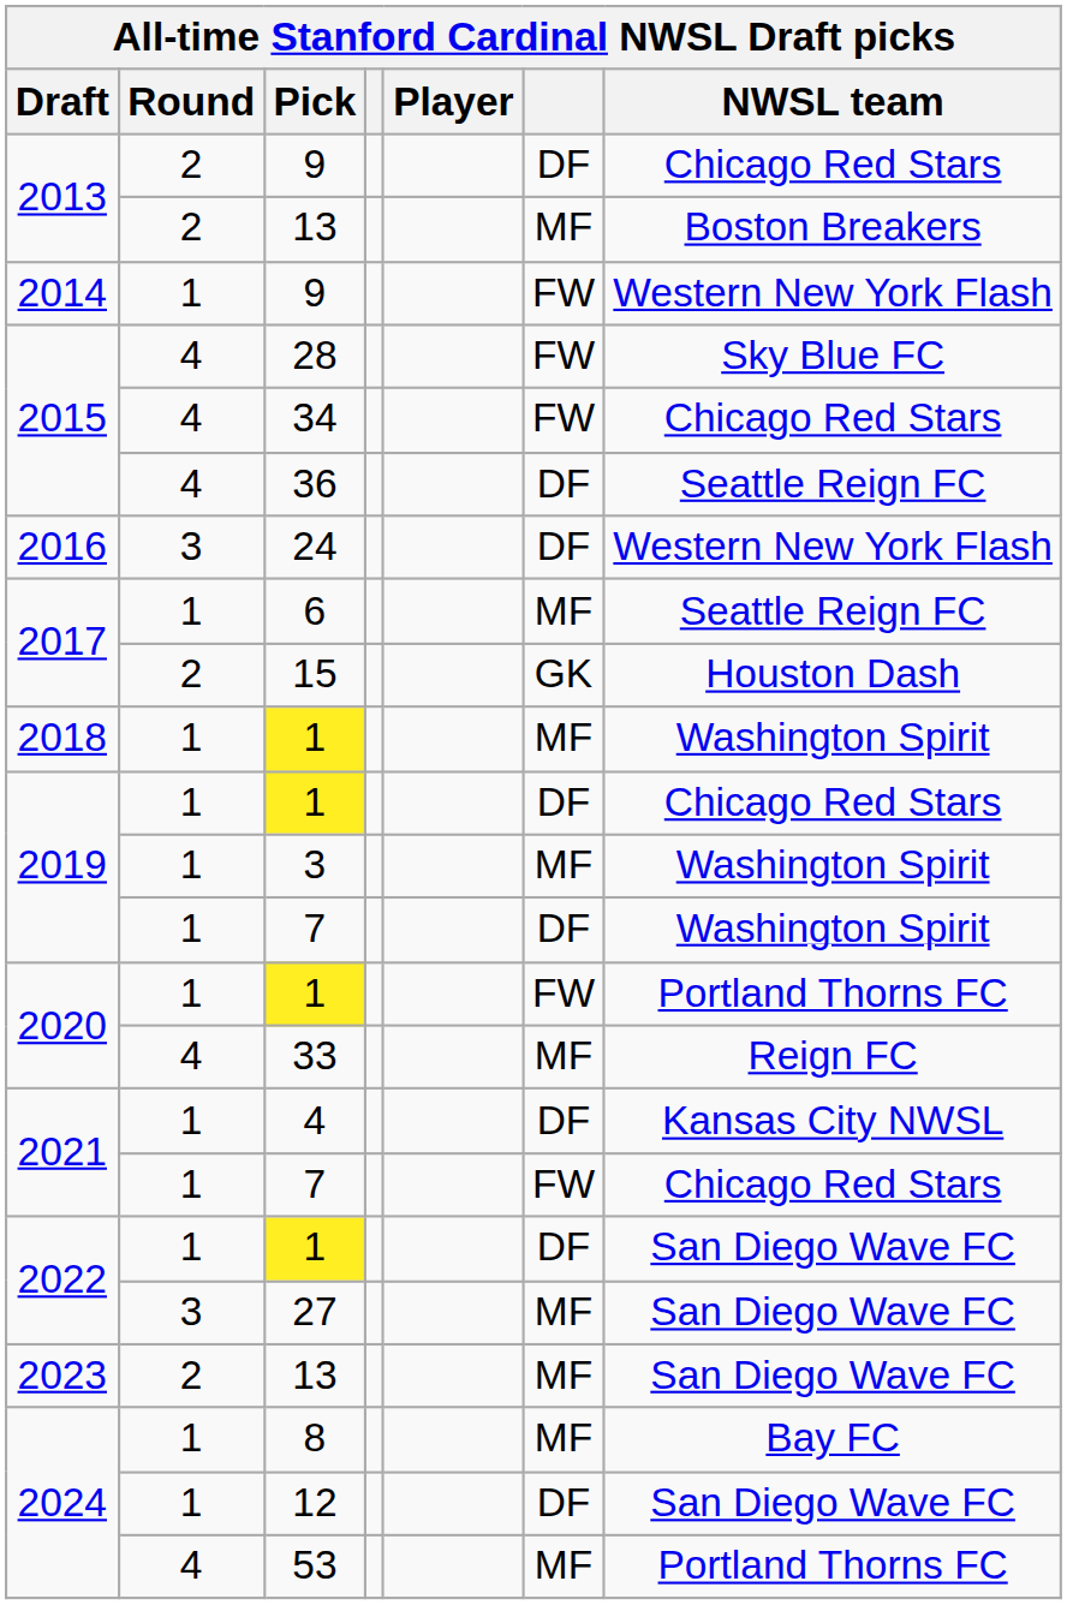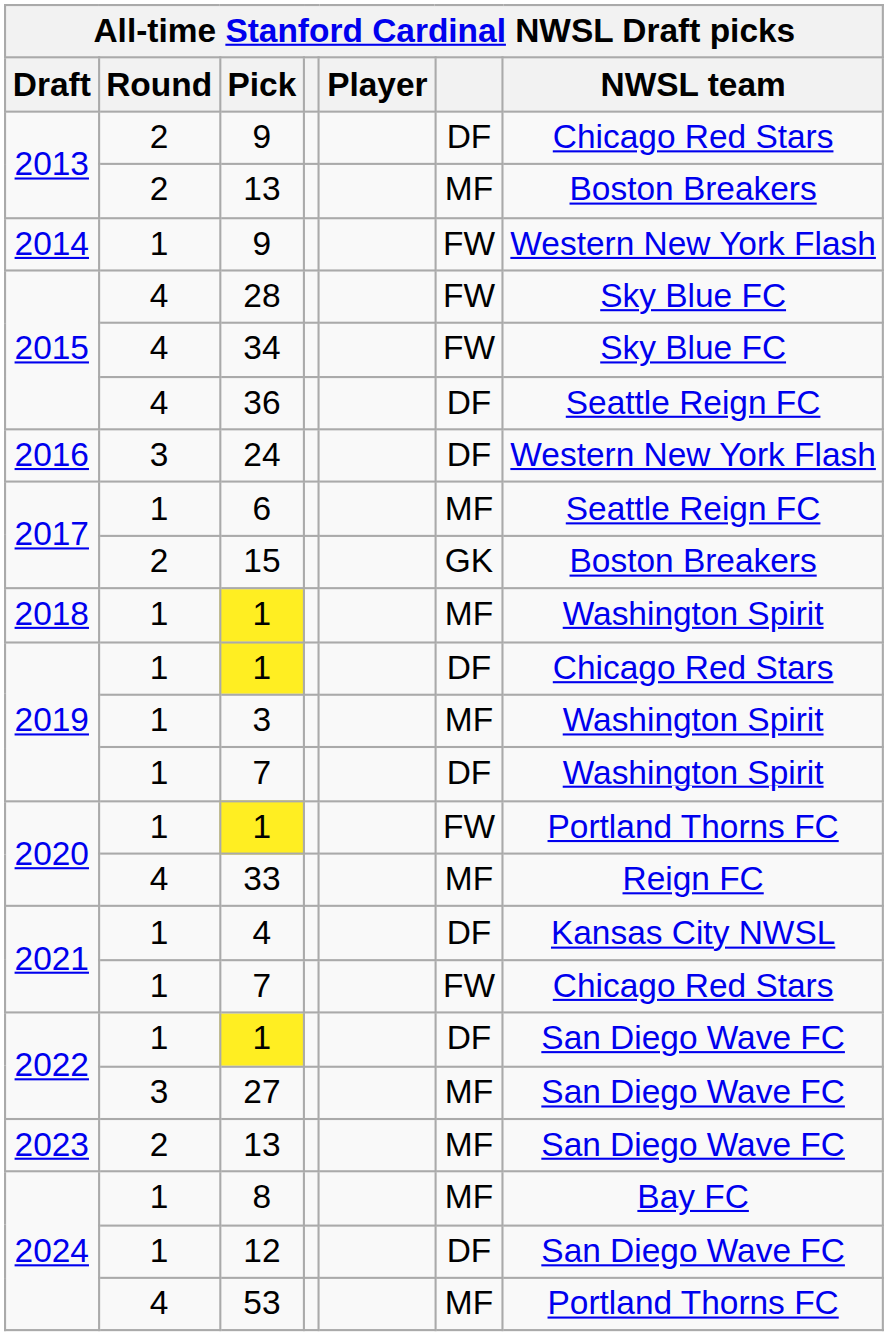 <table class="wikitable sortable" style="text-align: center;">
 <tr>
 <th colspan="7" style="background:#">All-time <a href='#'><span>Stanford Cardinal</span></a> NWSL Draft picks</th>
 </tr>
 <tr>
 <th scope="col">Draft</th>
 <th scope="col">Round</th>
 <th scope="col">Pick</th>
 <th scope="col"></th>
 <th scope="col">Player</th>
 <th scope="col"></th>
 <th scope="col">NWSL team</th>
 </tr>
 <tr>
 <td rowspan="2"><a href='#'>2013</a></td>
 <td>2</td>
 <td>9</td>
 <td></td>
 <td></td>
 <td>DF</td>
 <td><a href='#'>Chicago Red Stars</a></td>
 </tr>
 <tr>
 <td>2</td>
 <td>13</td>
 <td></td>
 <td></td>
 <td>MF</td>
 <td><a href='#'>Boston Breakers</a></td>
 </tr>
 <tr>
 <td><a href='#'>2014</a></td>
 <td>1</td>
 <td>9</td>
 <td></td>
 <td></td>
 <td>FW</td>
 <td><a href='#'>Western New York Flash</a></td>
 </tr>
 <tr>
 <td rowspan="3"><a href='#'>2015</a></td>
 <td>4</td>
 <td>28</td>
 <td></td>
 <td></td>
 <td>FW</td>
 <td><a href='#'>Sky Blue FC</a></td>
 </tr>
 <tr>
 <td>4</td>
 <td>34</td>
 <td></td>
 <td></td>
 <td>FW</td>
-<td><a href='#'>Chicago Red Stars</a></td>
+<td><a href='#'>Sky Blue FC</a></td>
 </tr>
 <tr>
 <td>4</td>
 <td>36</td>
 <td></td>
 <td></td>
 <td>DF</td>
 <td><a href='#'>Seattle Reign FC</a></td>
 </tr>
 <tr>
 <td><a href='#'>2016</a></td>
 <td>3</td>
 <td>24</td>
 <td></td>
 <td></td>
 <td>DF</td>
 <td><a href='#'>Western New York Flash</a></td>
 </tr>
 <tr>
 <td rowspan="2"><a href='#'>2017</a></td>
 <td>1</td>
 <td>6</td>
 <td></td>
 <td></td>
 <td>MF</td>
 <td><a href='#'>Seattle Reign FC</a></td>
 </tr>
 <tr>
 <td>2</td>
 <td>15</td>
 <td></td>
 <td></td>
 <td>GK</td>
-<td><a href='#'>Houston Dash</a></td>
+<td><a href='#'>Boston Breakers</a></td>
 </tr>
 <tr>
 <td><a href='#'>2018</a></td>
 <td>1</td>
 <td style="background-color:#FE2">1</td>
 <td></td>
 <td></td>
 <td>MF</td>
 <td><a href='#'>Washington Spirit</a></td>
 </tr>
 <tr>
 <td rowspan="3"><a href='#'>2019</a></td>
 <td>1</td>
 <td style="background-color:#FE2">1</td>
 <td></td>
 <td></td>
 <td>DF</td>
 <td><a href='#'>Chicago Red Stars</a></td>
 </tr>
 <tr>
 <td>1</td>
 <td>3</td>
 <td></td>
 <td></td>
 <td>MF</td>
 <td><a href='#'>Washington Spirit</a></td>
 </tr>
 <tr>
 <td>1</td>
 <td>7</td>
 <td></td>
 <td></td>
 <td>DF</td>
 <td><a href='#'>Washington Spirit</a></td>
 </tr>
 <tr>
 <td rowspan="2"><a href='#'>2020</a></td>
 <td>1</td>
 <td style="background-color:#FE2">1</td>
 <td></td>
 <td></td>
 <td>FW</td>
 <td><a href='#'>Portland Thorns FC</a></td>
 </tr>
 <tr>
 <td>4</td>
 <td>33</td>
 <td></td>
 <td></td>
 <td>MF</td>
 <td><a href='#'>Reign FC</a></td>
 </tr>
 <tr>
 <td rowspan="2"><a href='#'>2021</a></td>
 <td>1</td>
 <td>4</td>
 <td></td>
 <td></td>
 <td>DF</td>
 <td><a href='#'>Kansas City NWSL</a></td>
 </tr>
 <tr>
 <td>1</td>
 <td>7</td>
 <td></td>
 <td></td>
 <td>FW</td>
 <td><a href='#'>Chicago Red Stars</a></td>
 </tr>
 <tr>
 <td rowspan="2"><a href='#'>2022</a></td>
 <td>1</td>
 <td style="background-color:#FE2">1</td>
 <td></td>
 <td></td>
 <td>DF</td>
 <td><a href='#'>San Diego Wave FC</a></td>
 </tr>
 <tr>
 <td>3</td>
 <td>27</td>
 <td></td>
 <td></td>
 <td>MF</td>
 <td><a href='#'>San Diego Wave FC</a></td>
 </tr>
 <tr>
 <td><a href='#'>2023</a></td>
 <td>2</td>
 <td>13</td>
 <td></td>
 <td></td>
 <td>MF</td>
 <td><a href='#'>San Diego Wave FC</a></td>
 </tr>
 <tr>
 <td rowspan="3"><a href='#'>2024</a></td>
 <td>1</td>
 <td>8</td>
 <td></td>
 <td></td>
 <td>MF</td>
 <td><a href='#'>Bay FC</a></td>
 </tr>
 <tr>
 <td>1</td>
 <td>12</td>
 <td></td>
 <td></td>
 <td>DF</td>
 <td><a href='#'>San Diego Wave FC</a></td>
 </tr>
 <tr>
 <td>4</td>
 <td>53</td>
 <td></td>
 <td></td>
 <td>MF</td>
 <td><a href='#'>Portland Thorns FC</a></td>
 </tr>
 </table>
